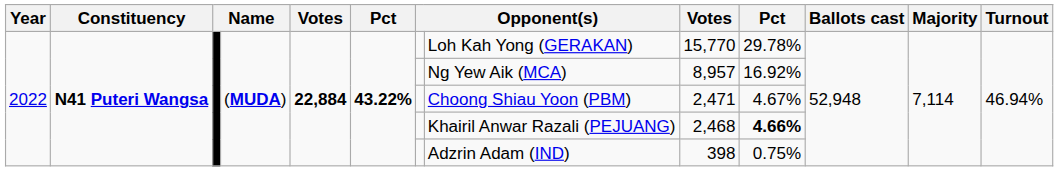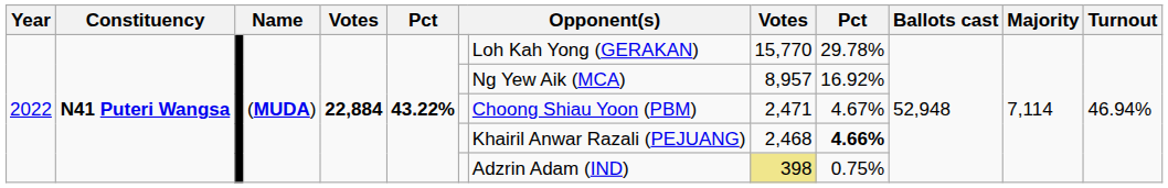 <table class="wikitable" style="margin:0.5em ; font-size:95%">
 <tr>
 <th>Year</th>
 <th>Constituency</th>
 <th colspan="2">Name</th>
 <th>Votes</th>
 <th>Pct</th>
 <th colspan="2">Opponent(s)</th>
 <th>Votes</th>
 <th>Pct</th>
 <th>Ballots cast</th>
 <th>Majority</th>
 <th>Turnout</th>
 </tr>
 <tr>
 <td rowspan="5"><a href='#'>2022</a></td>
 <td rowspan="5"><strong>N41 <a href='#'>Puteri Wangsa</a></strong></td>
 <td rowspan="5" bgcolor="black"></td>
 <td rowspan="5"> (<a href='#'><strong>MUDA</strong></a>)</td>
 <td rowspan="5" align=right><strong>22,884</strong></td>
 <td rowspan="5"><strong>43.22%</strong></td>
 <td></td>
 <td>Loh Kah Yong (<a href='#'>GERAKAN</a>)</td>
 <td align=right>15,770</td>
 <td>29.78%</td>
 <td rowspan="5">52,948</td>
 <td rowspan="5">7,114</td>
 <td rowspan="5">46.94%</td>
 </tr>
 <tr>
 <td></td>
 <td>Ng Yew Aik (<a href='#'>MCA</a>)</td>
 <td align=right>8,957</td>
 <td>16.92%</td>
 </tr>
 <tr>
 <td></td>
 <td><a href='#'>Choong Shiau Yoon</a> (<a href='#'>PBM</a>)</td>
 <td align=right>2,471</td>
 <td align=right>4.67%</td>
 </tr>
 <tr>
 <td></td>
 <td>Khairil Anwar Razali (<a href='#'>PEJUANG</a>)</td>
 <td align=right>2,468</td>
 <td align=right><strong>4.66%</strong></td>
 </tr>
 <tr>
 <td></td>
 <td>Adzrin Adam (<a href='#'>IND</a>)</td>
-<td align=right>398</td>
+<td align=right style="background: khaki;">398</td>
 <td align=right>0.75%</td>
 </tr>
 </table>
